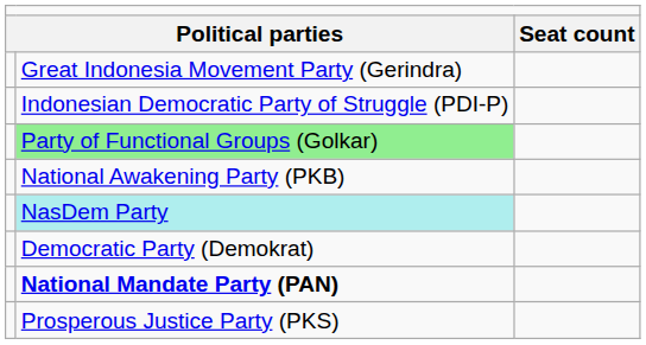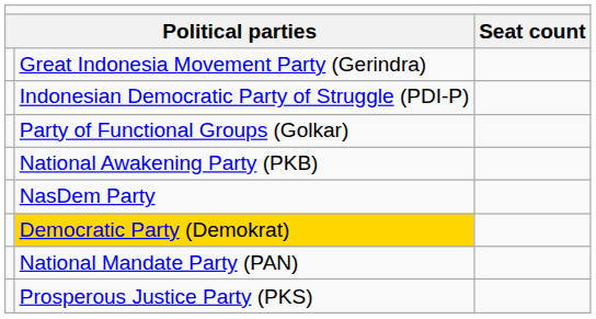 <table class="wikitable">
 <tr>
 <td colspan="4"></td>
 </tr>
 <tr>
 <th colspan="2">Political parties</th>
 <th>Seat count</th>
 </tr>
 <tr>
 <td bgcolor=></td>
 <td><a href='#'>Great Indonesia Movement Party</a> (Gerindra)</td>
 <td></td>
 </tr>
 <tr>
 <td bgcolor=></td>
 <td><a href='#'>Indonesian Democratic Party of Struggle</a> (PDI-P)</td>
 <td></td>
 </tr>
 <tr>
 <td bgcolor=></td>
-<td style="background: lightgreen;"><a href='#'>Party of Functional Groups</a> (Golkar)</td>
+<td><a href='#'>Party of Functional Groups</a> (Golkar)</td>
 <td></td>
 </tr>
 <tr>
 <td bgcolor=></td>
 <td><a href='#'>National Awakening Party</a> (PKB)</td>
 <td></td>
 </tr>
 <tr>
 <td bgcolor=></td>
-<td style="background: paleturquoise;"><a href='#'>NasDem Party</a></td>
+<td><a href='#'>NasDem Party</a></td>
 <td></td>
 </tr>
 <tr>
 <td bgcolor=></td>
-<td><a href='#'>Democratic Party</a> (Demokrat)</td>
+<td style="background: gold;"><a href='#'>Democratic Party</a> (Demokrat)</td>
 <td></td>
 </tr>
 <tr>
 <td bgcolor=></td>
-<td><strong><a href='#'>National Mandate Party</a> (PAN)</strong></td>
+<td><a href='#'>National Mandate Party</a> (PAN)</td>
 <td></td>
 </tr>
 <tr>
 <td bgcolor=></td>
 <td><a href='#'>Prosperous Justice Party</a> (PKS)</td>
 <td></td>
 </tr>
 </table>
